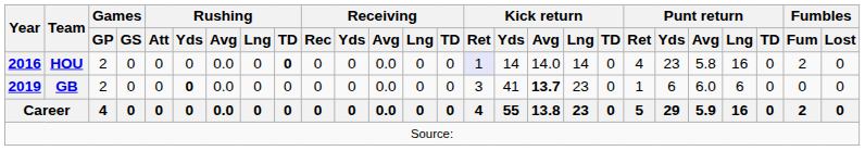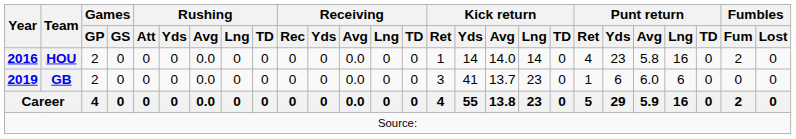 <table class="wikitable" style="text-align: center;">
 <tr>
 <th rowspan="2">Year</th>
 <th rowspan="2">Team</th>
 <th colspan="2">Games</th>
 <th colspan="5">Rushing</th>
 <th colspan="5">Receiving</th>
 <th colspan="5">Kick return</th>
 <th colspan="5">Punt return</th>
 <th colspan="2">Fumbles</th>
 </tr>
 <tr>
 <th>GP</th>
 <th>GS</th>
 <th>Att</th>
 <th>Yds</th>
 <th>Avg</th>
 <th>Lng</th>
 <th>TD</th>
 <th>Rec</th>
 <th>Yds</th>
 <th>Avg</th>
 <th>Lng</th>
 <th>TD</th>
 <th>Ret</th>
 <th>Yds</th>
 <th>Avg</th>
 <th>Lng</th>
 <th>TD</th>
 <th>Ret</th>
 <th>Yds</th>
 <th>Avg</th>
 <th>Lng</th>
 <th>TD</th>
 <th>Fum</th>
 <th>Lost</th>
 </tr>
 <tr>
 <th><a href='#'>2016</a></th>
 <th><a href='#'>HOU</a></th>
 <td>2</td>
 <td>0</td>
 <td>0</td>
 <td>0</td>
 <td>0.0</td>
 <td>0</td>
-<td><strong>0</strong></td>
+<td>0</td>
 <td>0</td>
 <td>0</td>
 <td>0.0</td>
 <td>0</td>
 <td>0</td>
-<td style="background: lavender;">1</td>
+<td>1</td>
 <td>14</td>
 <td>14.0</td>
 <td>14</td>
 <td>0</td>
 <td>4</td>
 <td>23</td>
 <td>5.8</td>
 <td>16</td>
 <td>0</td>
 <td>2</td>
 <td>0</td>
 </tr>
 <tr>
 <th><a href='#'>2019</a></th>
 <th><a href='#'>GB</a></th>
 <td>2</td>
 <td>0</td>
 <td>0</td>
-<td><strong>0</strong></td>
+<td>0</td>
 <td>0.0</td>
 <td>0</td>
 <td>0</td>
 <td>0</td>
 <td>0</td>
 <td>0.0</td>
 <td>0</td>
 <td>0</td>
 <td>3</td>
 <td>41</td>
-<td><strong>13.7</strong></td>
+<td>13.7</td>
 <td>23</td>
 <td>0</td>
 <td>1</td>
 <td>6</td>
 <td>6.0</td>
 <td>6</td>
 <td>0</td>
 <td>0</td>
 <td>0</td>
 </tr>
 <tr>
 <th colspan="2">Career</th>
 <th>4</th>
 <th>0</th>
 <th>0</th>
 <th>0</th>
 <th>0.0</th>
 <th>0</th>
 <th>0</th>
 <th>0</th>
 <th>0</th>
 <th>0.0</th>
 <th>0</th>
 <th>0</th>
 <th>4</th>
 <th>55</th>
 <th>13.8</th>
 <th>23</th>
 <th>0</th>
 <th>5</th>
 <th>29</th>
 <th>5.9</th>
 <th>16</th>
 <th>0</th>
 <th>2</th>
 <th>0</th>
 </tr>
 <tr>
 <td colspan="28"><small>Source: </small></td>
 </tr>
 </table>
